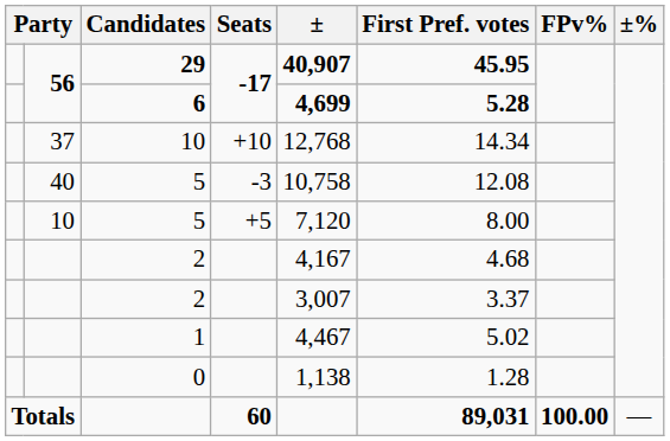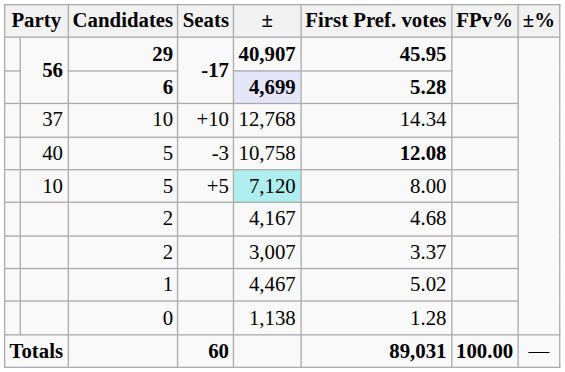 <table class=wikitable>
 <tr>
 <th colspan=2 align=center>Party</th>
 <th valign=top>Candidates</th>
 <th valign=top>Seats</th>
 <th valign=top>±</th>
 <th valign=top>First Pref. votes</th>
 <th valign=top>FPv%</th>
 <th valign=top>±%</th>
 </tr>
 <tr>
 <td></td>
 <td align=right rowspan=2><strong>56</strong></td>
 <td align=right><strong>29</strong></td>
 <td align=right rowspan=2><strong>-17</strong></td>
 <td align=right><strong>40,907</strong></td>
 <td align=right><strong>45.95</strong></td>
 <td align=right rowspan=2></td>
 </tr>
 <tr>
 <td></td>
 <td align=right><strong>6</strong></td>
-<td align=right><strong>4,699</strong></td>
+<td align=right style="background: lavender;"><strong>4,699</strong></td>
 <td align=right><strong>5.28</strong></td>
 </tr>
 <tr>
 <td></td>
 <td align=right>37</td>
 <td align=right>10</td>
 <td align=right>+10</td>
 <td align=right>12,768</td>
 <td align=right>14.34</td>
 <td align=right></td>
 </tr>
 <tr>
 <td></td>
 <td align=right>40</td>
 <td align=right>5</td>
 <td align=right>-3</td>
 <td align=right>10,758</td>
-<td align=right>12.08</td>
+<td align=right><strong>12.08</strong></td>
 <td align=right></td>
 </tr>
 <tr>
 <td></td>
 <td align=right>10</td>
 <td align=right>5</td>
 <td align=right>+5</td>
-<td align=right>7,120</td>
+<td align=right style="background: paleturquoise;">7,120</td>
 <td align=right>8.00</td>
 <td align=right></td>
 </tr>
 <tr>
 <td></td>
 <td align=right></td>
 <td align=right>2</td>
 <td align=right></td>
 <td align=right>4,167</td>
 <td align=right>4.68</td>
 <td align=right></td>
 </tr>
 <tr>
 <td></td>
 <td align=right></td>
 <td align=right>2</td>
 <td align=right></td>
 <td align=right>3,007</td>
 <td align=right>3.37</td>
 <td align=right></td>
 </tr>
 <tr>
 <td></td>
 <td align=right></td>
 <td align=right>1</td>
 <td align=right></td>
 <td align=right>4,467</td>
 <td align=right>5.02</td>
 <td align=right></td>
 </tr>
 <tr>
 <td></td>
 <td align=right></td>
 <td align=right>0</td>
 <td align=right></td>
 <td align=right>1,138</td>
 <td align=right>1.28</td>
 <td align=right></td>
 </tr>
 <tr>
 <td colspan=2 align=center><strong>Totals</strong></td>
 <td align=right></td>
 <td align=right><strong>60</strong></td>
 <td align=center></td>
 <td align=right><strong>89,031</strong></td>
 <td align=center><strong>100.00</strong></td>
 <td align=center>—</td>
 </tr>
 </table>
